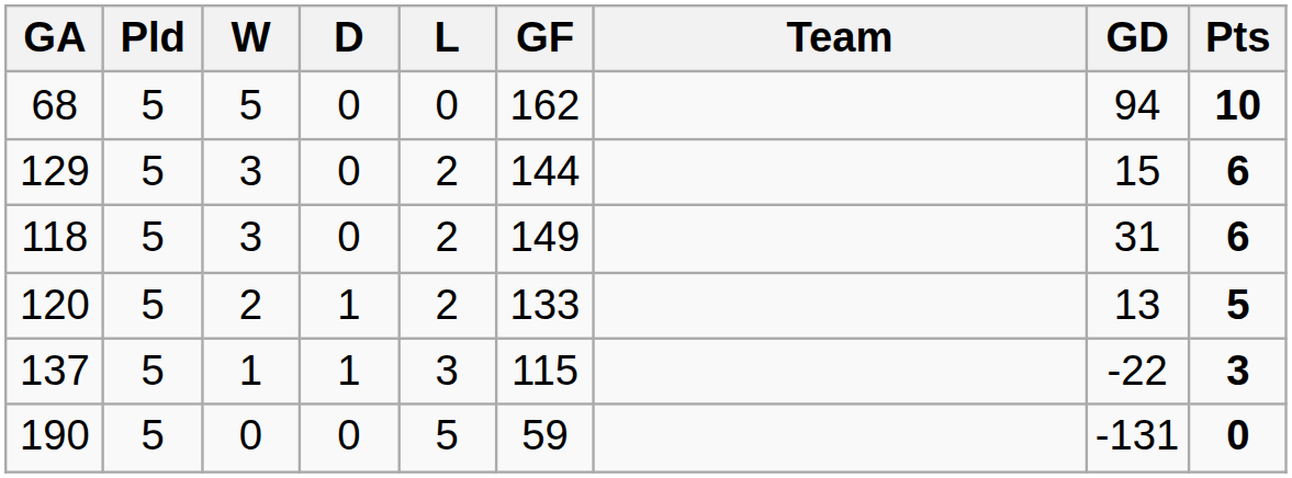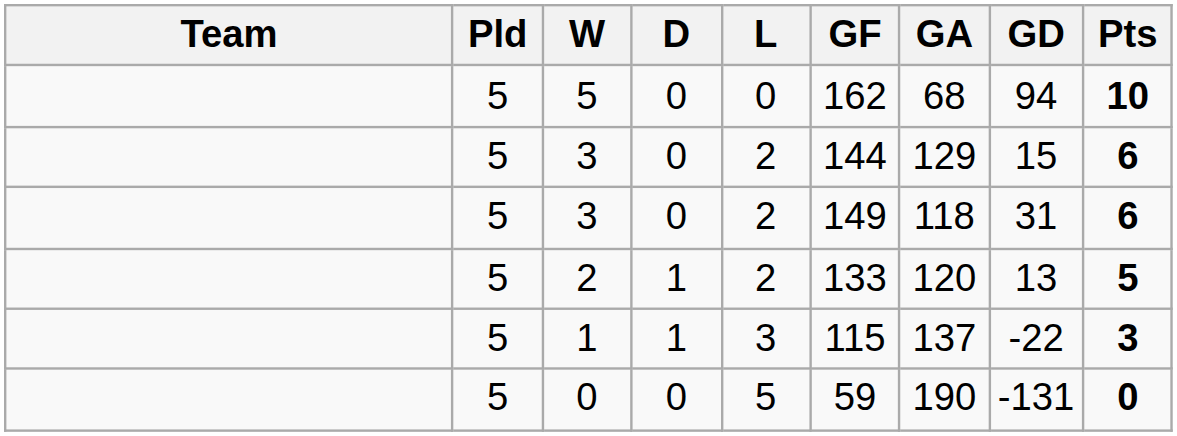 <table class="wikitable" style="text-align: center;">
 <tr>
-<th width="30">GA</th>
+<th width="180">Team</th>
 <th width="30">Pld</th>
 <th width="30">W</th>
 <th width="30">D</th>
 <th width="30">L</th>
 <th width="30">GF</th>
-<th width="180">Team</th>
+<th width="30">GA</th>
 <th width="30">GD</th>
 <th width="30">Pts</th>
 </tr>
 <tr>
-<td>68</td>
+<td align="left"></td>
 <td>5</td>
 <td>5</td>
 <td>0</td>
 <td>0</td>
 <td>162</td>
-<td align="left"></td>
+<td>68</td>
 <td>94</td>
 <td><strong>10</strong></td>
 </tr>
 <tr>
-<td>129</td>
+<td align="left"></td>
 <td>5</td>
 <td>3</td>
 <td>0</td>
 <td>2</td>
 <td>144</td>
-<td align="left"></td>
+<td>129</td>
 <td>15</td>
 <td><strong>6</strong></td>
 </tr>
 <tr>
-<td>118</td>
+<td align="left"></td>
 <td>5</td>
 <td>3</td>
 <td>0</td>
 <td>2</td>
 <td>149</td>
-<td align="left"></td>
+<td>118</td>
 <td>31</td>
 <td><strong>6</strong></td>
 </tr>
 <tr>
-<td>120</td>
+<td align="left"></td>
 <td>5</td>
 <td>2</td>
 <td>1</td>
 <td>2</td>
 <td>133</td>
-<td align="left"></td>
+<td>120</td>
 <td>13</td>
 <td><strong>5</strong></td>
 </tr>
 <tr>
-<td>137</td>
+<td align="left"></td>
 <td>5</td>
 <td>1</td>
 <td>1</td>
 <td>3</td>
 <td>115</td>
-<td align="left"></td>
+<td>137</td>
 <td>-22</td>
 <td><strong>3</strong></td>
 </tr>
 <tr>
-<td>190</td>
+<td align="left"></td>
 <td>5</td>
 <td>0</td>
 <td>0</td>
 <td>5</td>
 <td>59</td>
-<td align="left"></td>
+<td>190</td>
 <td>-131</td>
 <td><strong>0</strong></td>
 </tr>
 </table>
